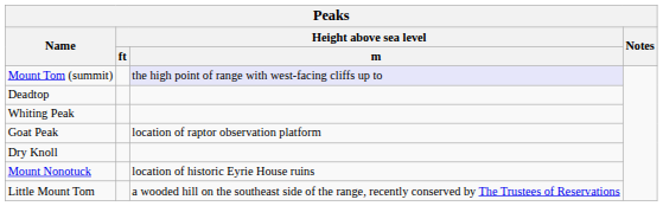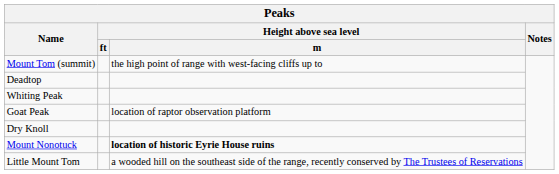 <table class=wikitable>
 <tr>
 <th colspan=4><big>Peaks</big></th>
 </tr>
 <tr>
 <th rowspan=2>Name</th>
 <th colspan=2>Height above sea level</th>
 <th rowspan=2>Notes</th>
 </tr>
 <tr>
 <th>ft</th>
 <th>m</th>
 </tr>
 <tr>
 <td><a href='#'>Mount Tom</a> (summit)</td>
 <td></td>
-<td style="background: lavender;">the high point of range with west-facing cliffs up to </td>
+<td>the high point of range with west-facing cliffs up to </td>
 </tr>
 <tr>
 <td>Deadtop</td>
 <td></td>
 <td></td>
 </tr>
 <tr>
 <td>Whiting Peak</td>
 <td></td>
 <td></td>
 </tr>
 <tr>
 <td>Goat Peak</td>
 <td></td>
 <td>location of raptor observation platform</td>
 </tr>
 <tr>
 <td>Dry Knoll</td>
 <td></td>
 <td></td>
 </tr>
 <tr>
 <td><a href='#'>Mount Nonotuck</a></td>
 <td></td>
-<td>location of historic Eyrie House ruins</td>
+<td><strong>location of historic Eyrie House ruins</strong></td>
 </tr>
 <tr>
 <td>Little Mount Tom</td>
 <td></td>
 <td>a wooded hill on the southeast side of the range, recently conserved by <a href='#'>The Trustees of Reservations</a></td>
 </tr>
 </table>
